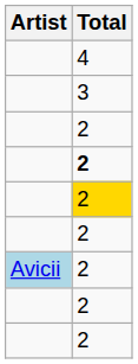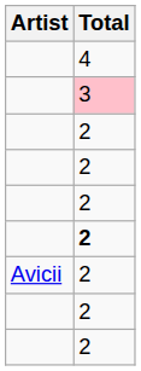 <table class="wikitable sortable" style="font-size:97%;">
 <tr>
 <th>Artist</th>
 <th>Total</th>
 </tr>
 <tr>
 <td></td>
 <td>4</td>
 </tr>
 <tr>
 <td></td>
-<td>3</td>
+<td style="background: pink;">3</td>
+</tr>
+<tr>
+<td></td>
+<td>2</td>
+</tr>
+<tr>
+<td></td>
+<td>2</td>
 </tr>
 <tr>
 <td></td>
 <td>2</td>
 </tr>
 <tr>
 <td></td>
 <td><strong>2</strong></td>
 </tr>
 <tr>
-<td></td>
-<td style="background: gold;">2</td>
-</tr>
-<tr>
-<td></td>
-<td>2</td>
-</tr>
-<tr>
-<td style="background: lightblue;"><a href='#'>Avicii</a></td>
+<td><a href='#'>Avicii</a></td>
 <td>2</td>
 </tr>
 <tr>
 <td></td>
 <td>2</td>
 </tr>
 <tr>
 <td></td>
 <td>2</td>
 </tr>
 </table>
